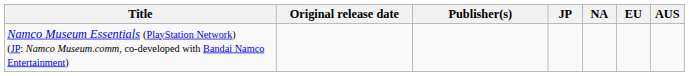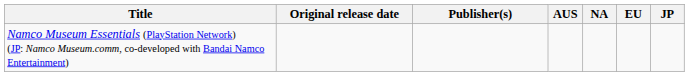 <table class="wikitable sortable" style="width: 100%;">
 <tr>
 <th style="width:40%;">Title</th>
 <th style="width:20%;">Original release date</th>
 <th style="width:20%;">Publisher(s)</th>
-<th style="width:5%;">JP</th>
+<th style="width:5%;">AUS</th>
 <th style="width:5%;">NA</th>
 <th style="width:5%;">EU</th>
-<th style="width:5%;">AUS</th>
+<th style="width:5%;">JP</th>
 </tr>
 <tr>
 <td><em><a href='#'>Namco Museum Essentials</a></em> <small>(<a href='#'>PlayStation Network</a>)</small><br><small>(<a href='#'>JP</a>: <em>Namco Museum.comm</em>, co-developed with <a href='#'>Bandai Namco Entertainment</a>)</small></td>
 <td></td>
 <td></td>
 <td></td>
 <td></td>
 <td></td>
 <td></td>
 </tr>
 </table>
